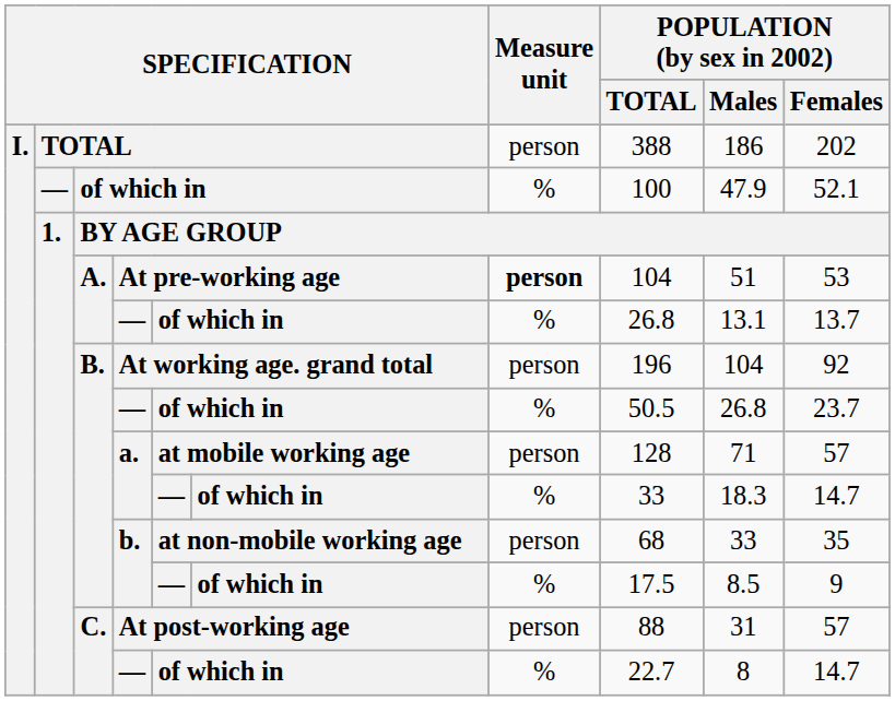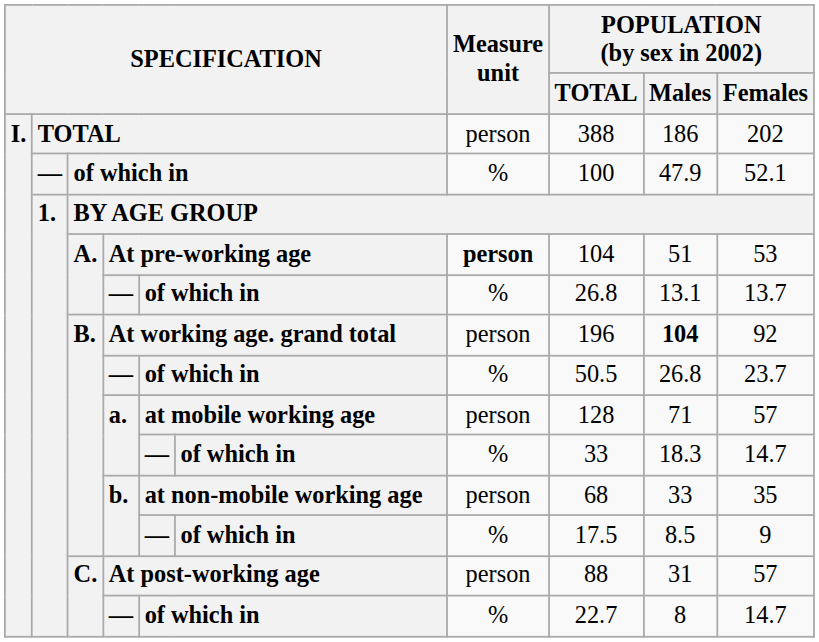 <table class="wikitable" style="font-size:85%; text-align:center">
 <tr>
 <th rowspan="2" colspan="6">SPECIFICATION</th>
 <th rowspan="2">Measure<br> unit</th>
 <th colspan="3" rowspan="1">POPULATION<br> (by sex in 2002)</th>
 </tr>
 <tr>
 <th>TOTAL</th>
 <th>Males</th>
 <th>Females</th>
 </tr>
 <tr>
 <th style="text-align:left" valign="top" rowspan="13">I.</th>
 <th style="text-align:left" colspan="5">TOTAL</th>
 <td>person</td>
 <td>388</td>
 <td>186</td>
 <td>202</td>
 </tr>
 <tr>
 <th style="text-align:left" valign="top">—</th>
 <th style="text-align:left" colspan="4">of which in</th>
 <td>%</td>
 <td>100</td>
 <td>47.9</td>
 <td>52.1</td>
 </tr>
 <tr>
 <th style="text-align:left" valign="top" rowspan="11">1.</th>
 <th style="text-align:left" colspan="19">BY AGE GROUP</th>
 </tr>
 <tr>
 <th style="text-align:left" valign="top" rowspan="2">A.</th>
 <th style="text-align:left" colspan="3">At pre-working age</th>
 <td><strong>person</strong></td>
 <td>104</td>
 <td>51</td>
 <td>53</td>
 </tr>
 <tr>
 <th style="text-align:left" valign="top">—</th>
 <th style="text-align:left" valign="top" colspan="2">of which in</th>
 <td>%</td>
 <td>26.8</td>
 <td>13.1</td>
 <td>13.7</td>
 </tr>
 <tr>
 <th style="text-align:left" valign="top" rowspan="6">B.</th>
 <th style="text-align:left" colspan="3">At working age. grand total</th>
 <td>person</td>
 <td>196</td>
-<td>104</td>
+<td><strong>104</strong></td>
 <td>92</td>
 </tr>
 <tr>
 <th style="text-align:left" valign="top">—</th>
 <th style="text-align:left" valign="top" colspan="2">of which in</th>
 <td>%</td>
 <td>50.5</td>
 <td>26.8</td>
 <td>23.7</td>
 </tr>
 <tr>
 <th style="text-align:left" valign="top" rowspan="2">a.</th>
 <th style="text-align:left" colspan="2">at mobile working age</th>
 <td>person</td>
 <td>128</td>
 <td>71</td>
 <td>57</td>
 </tr>
 <tr>
 <th style="text-align:left" valign="top">—</th>
 <th style="text-align:left" valign="top" colspan="1">of which in                        </th>
 <td>%</td>
 <td>33</td>
 <td>18.3</td>
 <td>14.7</td>
 </tr>
 <tr>
 <th style="text-align:left" valign="top" rowspan="2">b.</th>
 <th style="text-align:left" colspan="2">at non-mobile working age</th>
 <td>person</td>
 <td>68</td>
 <td>33</td>
 <td>35</td>
 </tr>
 <tr>
 <th style="text-align:left" valign="top">—</th>
 <th style="text-align:left" valign="top" colspan="1">of which in                        </th>
 <td>%</td>
 <td>17.5</td>
 <td>8.5</td>
 <td>9</td>
 </tr>
 <tr>
 <th style="text-align:left" valign="top" rowspan="2">C.</th>
 <th style="text-align:left" colspan="3">At post-working age</th>
 <td>person</td>
 <td>88</td>
 <td>31</td>
 <td>57</td>
 </tr>
 <tr>
 <th style="text-align:left" valign="top">—</th>
 <th style="text-align:left" valign="top" colspan="2">of which in</th>
 <td>%</td>
 <td>22.7</td>
 <td>8</td>
 <td>14.7</td>
 </tr>
 </table>
